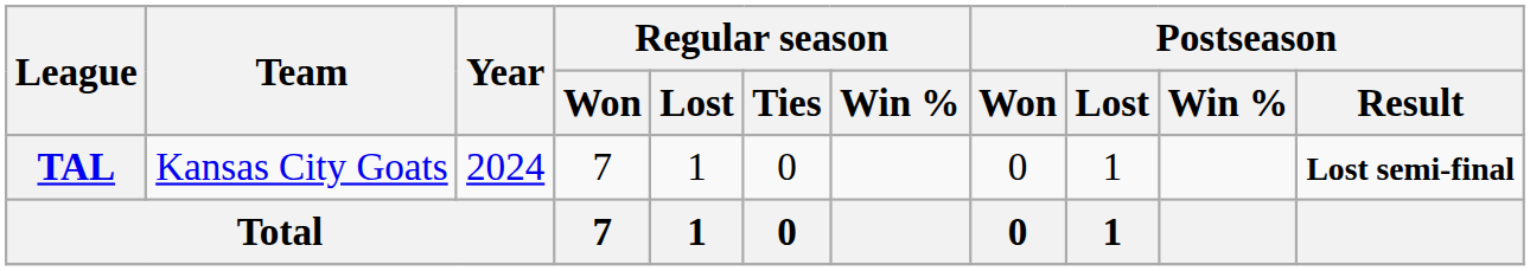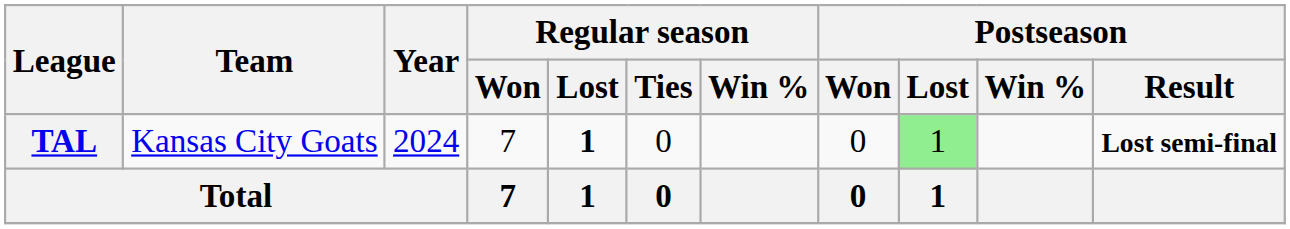 <table class="wikitable" style="font-size: 95%; text-align:center;">
 <tr>
 <th rowspan="2">League</th>
 <th rowspan="2">Team</th>
 <th rowspan="2">Year</th>
 <th colspan="4">Regular season</th>
 <th colspan="4">Postseason</th>
 </tr>
 <tr>
 <th>Won</th>
 <th>Lost</th>
 <th>Ties</th>
 <th>Win %</th>
 <th>Won</th>
 <th>Lost</th>
 <th>Win %</th>
 <th>Result</th>
 </tr>
 <tr>
 <th><a href='#'>TAL</a></th>
 <td><a href='#'>Kansas City Goats</a></td>
 <td><a href='#'>2024</a></td>
 <td>7</td>
-<td>1</td>
+<td><strong>1</strong></td>
 <td>0</td>
 <td></td>
 <td>0</td>
-<td>1</td>
+<td style="background: lightgreen;">1</td>
 <td></td>
 <td><small><strong>Lost semi-final</strong></small></td>
 </tr>
 <tr>
 <th colspan="3">Total</th>
 <th>7</th>
 <th>1</th>
 <th>0</th>
 <th></th>
 <th>0</th>
 <th>1</th>
 <th></th>
 <th></th>
 </tr>
 <tr>
 </tr>
 </table>
